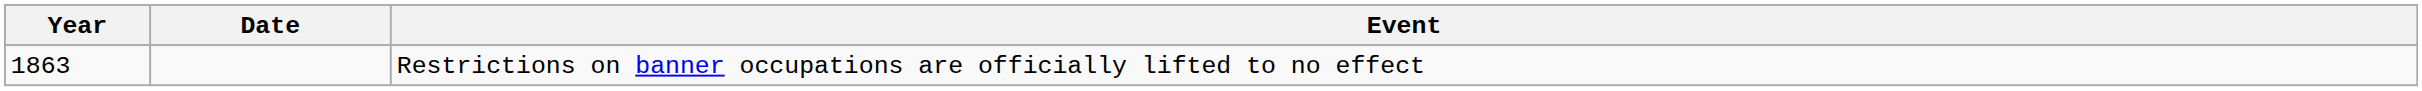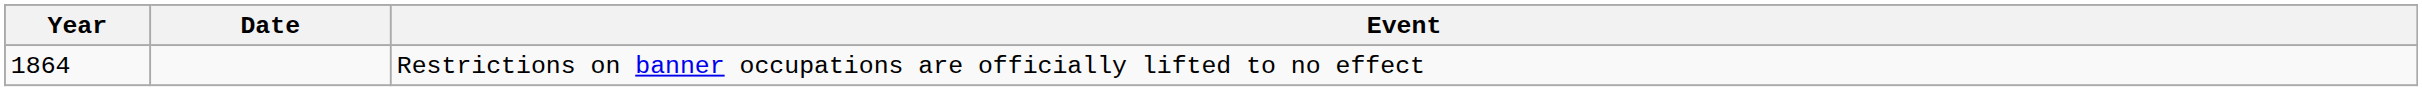 <table class="wikitable" style="width:100%;">
 <tr>
 <th style="width:6%">Year</th>
 <th style="width:10%">Date</th>
 <th>Event</th>
 </tr>
 <tr>
-<td>1863</td>
+<td>1864</td>
 <td></td>
 <td>Restrictions on <a href='#'>banner</a> occupations are officially lifted to no effect</td>
 </tr>
 </table>
